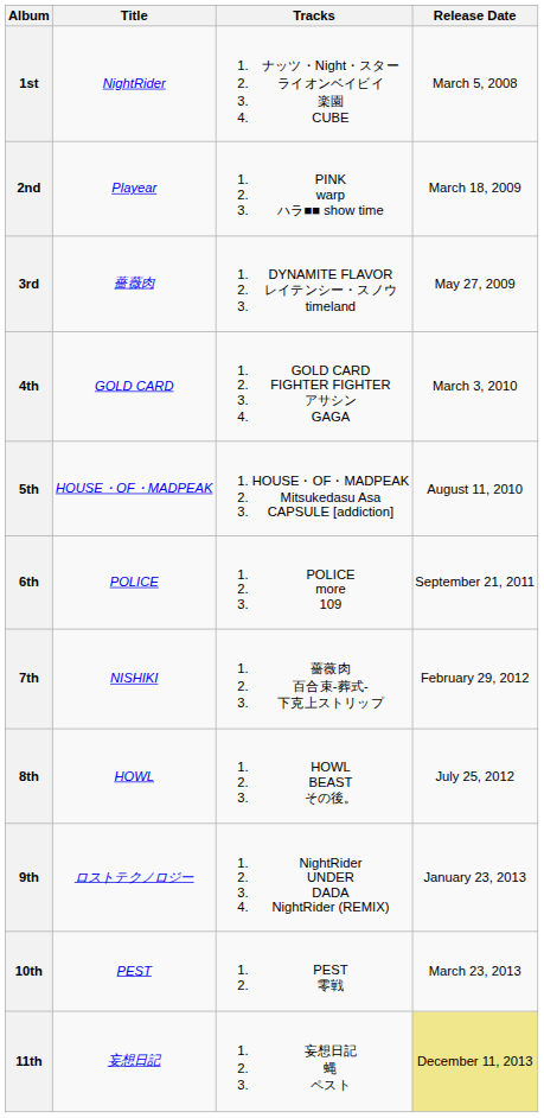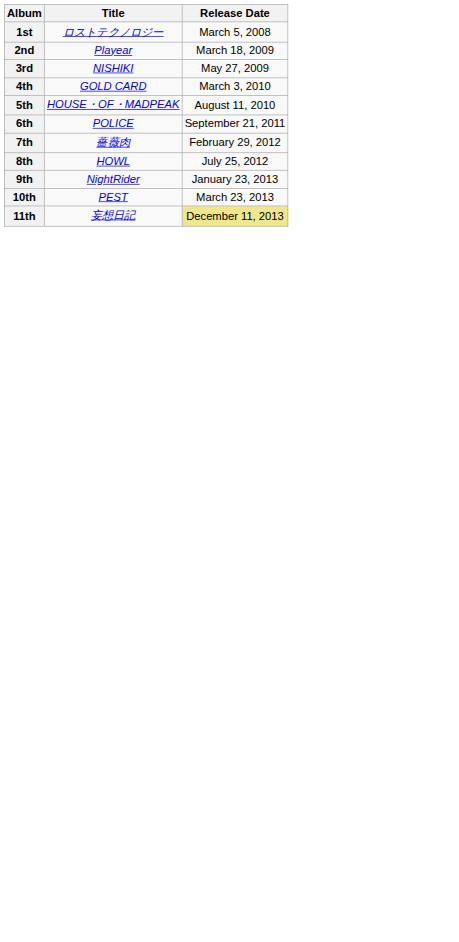 <table class="wikitable" style="text-align: center">
 <tr>
 <th>Album</th>
 <th>Title</th>
-<th>Tracks</th>
 <th>Release Date</th>
 </tr>
 <tr>
 <th>1st</th>
-<td><em><a href='#'>NightRider</a></em></td>
-<td><br><ol><li>ナッツ・Night・スター</li><li>ライオンベイビイ</li><li>楽園</li><li>CUBE</li></ol></td>
+<td><em><a href='#'>ロストテクノロジー</a></em></td>
 <td>March 5, 2008</td>
 </tr>
 <tr>
 <th>2nd</th>
 <td><em><a href='#'>Playear</a></em></td>
-<td><br><ol><li>PINK</li><li>warp</li><li>ハラ■■ show time</li></ol></td>
 <td>March 18, 2009</td>
 </tr>
 <tr>
 <th>3rd</th>
-<td><em><a href='#'>薔薇肉</a></em></td>
-<td><br><ol><li>DYNAMITE FLAVOR</li><li>レイテンシー・スノウ</li><li>timeland</li></ol></td>
+<td><em><a href='#'>NISHIKI</a></em></td>
 <td>May 27, 2009</td>
 </tr>
 <tr>
 <th>4th</th>
 <td><em><a href='#'>GOLD CARD</a></em></td>
-<td><br><ol><li>GOLD CARD</li><li>FIGHTER FIGHTER</li><li>アサシン</li><li>GAGA</li></ol></td>
 <td>March 3, 2010</td>
 </tr>
 <tr>
 <th>5th</th>
 <td><em><a href='#'>HOUSE・OF・MADPEAK</a></em></td>
-<td><br><ol><li>HOUSE・OF・MADPEAK</li><li>Mitsukedasu Asa</li><li>CAPSULE [addiction]</li></ol></td>
 <td>August 11, 2010</td>
 </tr>
 <tr>
 <th>6th</th>
 <td><em><a href='#'>POLICE</a></em></td>
-<td><br><ol><li>POLICE</li><li>more</li><li>109</li></ol></td>
 <td>September 21, 2011</td>
 </tr>
 <tr>
 <th>7th</th>
-<td><em><a href='#'>NISHIKI</a></em></td>
-<td><br><ol><li>薔薇肉</li><li>百合束-葬式-</li><li>下克上ストリップ</li></ol></td>
+<td><em><a href='#'>薔薇肉</a></em></td>
 <td>February 29, 2012</td>
 </tr>
 <tr>
 <th>8th</th>
 <td><em><a href='#'>HOWL</a></em></td>
-<td><br><ol><li>HOWL</li><li>BEAST</li><li>その後。</li></ol></td>
 <td>July 25, 2012</td>
 </tr>
 <tr>
 <th>9th</th>
-<td><em><a href='#'>ロストテクノロジー</a></em></td>
-<td><br><ol><li>NightRider</li><li>UNDER</li><li>DADA</li><li>NightRider (REMIX)</li></ol></td>
+<td><em><a href='#'>NightRider</a></em></td>
 <td>January 23, 2013</td>
 </tr>
 <tr>
 <th>10th</th>
 <td><em><a href='#'>PEST</a></em></td>
-<td><br><ol><li>PEST</li><li>零戦</li></ol></td>
 <td>March 23, 2013</td>
 </tr>
 <tr>
 <th>11th</th>
 <td><em><a href='#'>妄想日記</a></em></td>
-<td><br><ol><li>妄想日記</li><li>蝿</li><li>ペスト</li></ol></td>
 <td style="background: khaki;">December 11, 2013</td>
 </tr>
 </table>
